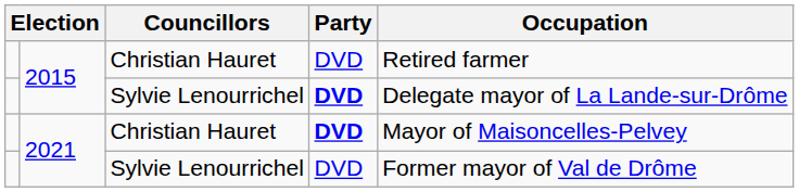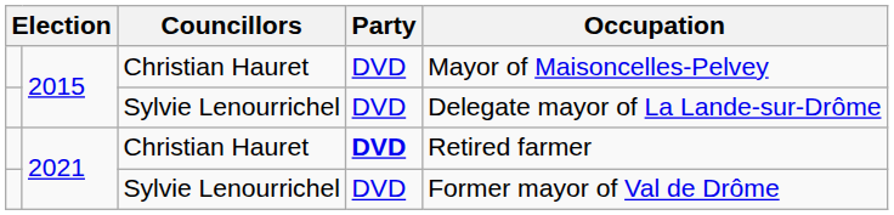 <table class="wikitable">
 <tr>
 <th colspan="2">Election</th>
 <th>Councillors</th>
 <th>Party</th>
 <th>Occupation</th>
 </tr>
 <tr>
 <td style="background-color: "></td>
 <td rowspan="2"><a href='#'>2015</a></td>
 <td>Christian Hauret</td>
 <td><a href='#'>DVD</a></td>
-<td>Retired farmer</td>
+<td>Mayor of <a href='#'>Maisoncelles-Pelvey</a></td>
 </tr>
 <tr>
 <td style="background-color: "></td>
 <td>Sylvie Lenourrichel</td>
-<td><strong><a href='#'>DVD</a></strong></td>
+<td><a href='#'>DVD</a></td>
 <td>Delegate mayor of <a href='#'>La Lande-sur-Drôme</a></td>
 </tr>
 <tr>
 <td style="background-color: "></td>
 <td rowspan="2"><a href='#'>2021</a></td>
 <td>Christian Hauret</td>
 <td><strong><a href='#'>DVD</a></strong></td>
-<td>Mayor of <a href='#'>Maisoncelles-Pelvey</a></td>
+<td>Retired farmer</td>
 </tr>
 <tr>
 <td style="background-color: "></td>
 <td>Sylvie Lenourrichel</td>
 <td><a href='#'>DVD</a></td>
 <td>Former mayor of <a href='#'>Val de Drôme</a></td>
 </tr>
 </table>
